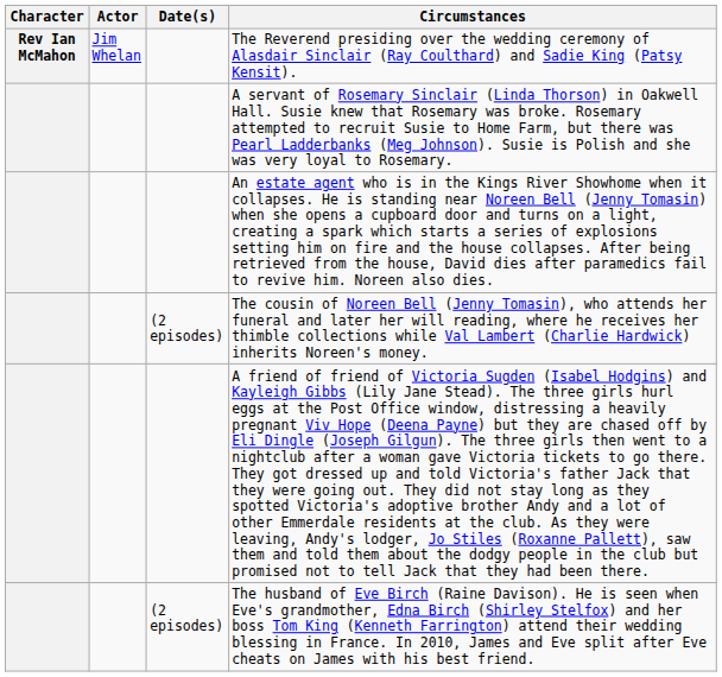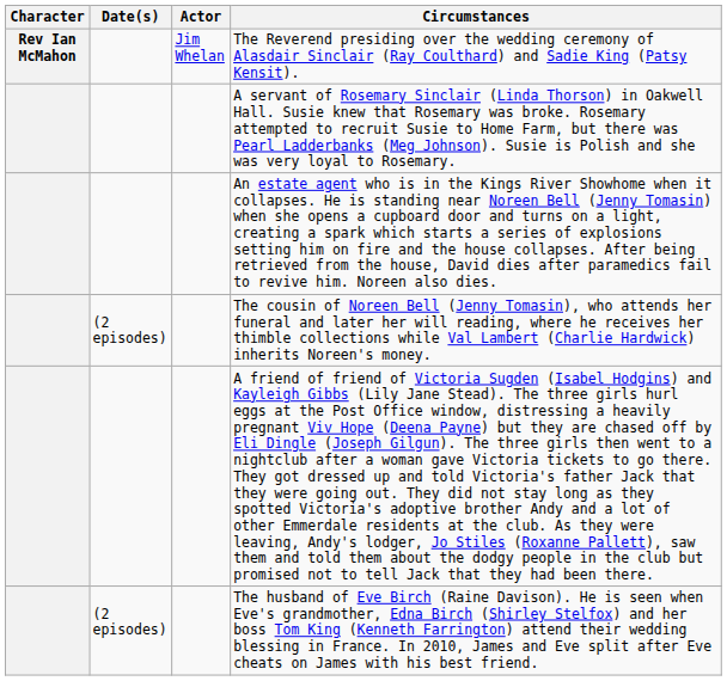 <table class="wikitable plainrowheaders" style="font-size:90%">
 <tr>
 <th scope="col">Character</th>
+<th scope="col">Date(s)</th>
 <th scope="col">Actor</th>
-<th scope="col">Date(s)</th>
 <th scope="col">Circumstances</th>
 </tr>
 <tr valign="top">
 <th scope="row">Rev Ian McMahon</th>
+<td></td>
 <td><a href='#'>Jim Whelan</a></td>
-<td></td>
 <td>The Reverend presiding over the wedding ceremony of <a href='#'>Alasdair Sinclair</a> (<a href='#'>Ray Coulthard</a>) and <a href='#'>Sadie King</a> (<a href='#'>Patsy Kensit</a>).</td>
 </tr>
 <tr valign="top">
 <th scope="row"></th>
 <td></td>
 <td></td>
 <td>A servant of <a href='#'>Rosemary Sinclair</a> (<a href='#'>Linda Thorson</a>) in Oakwell Hall. Susie knew that Rosemary was broke. Rosemary attempted to recruit Susie to Home Farm, but there was <a href='#'>Pearl Ladderbanks</a> (<a href='#'>Meg Johnson</a>). Susie is Polish and she was very loyal to Rosemary.</td>
 </tr>
 <tr valign="top">
 <th scope="row"></th>
 <td></td>
 <td></td>
 <td>An <a href='#'>estate agent</a> who is in the Kings River Showhome when it collapses. He is standing near <a href='#'>Noreen Bell</a> (<a href='#'>Jenny Tomasin</a>) when she opens a cupboard door and turns on a light, creating a spark which starts a series of explosions setting him on fire and the house collapses. After being retrieved from the house, David dies after paramedics fail to revive him. Noreen also dies.</td>
 </tr>
 <tr valign="top">
 <th scope="row"></th>
+<td><br>(2 episodes)</td>
 <td></td>
-<td><br>(2 episodes)</td>
 <td>The cousin of <a href='#'>Noreen Bell</a> (<a href='#'>Jenny Tomasin</a>), who attends her funeral and later her will reading, where he receives her thimble collections while <a href='#'>Val Lambert</a> (<a href='#'>Charlie Hardwick</a>) inherits Noreen's money.</td>
 </tr>
 <tr valign="top">
 <th scope="row"></th>
 <td></td>
 <td></td>
 <td>A friend of friend of <a href='#'>Victoria Sugden</a> (<a href='#'>Isabel Hodgins</a>) and <a href='#'>Kayleigh Gibbs</a> (Lily Jane Stead). The three girls hurl eggs at the Post Office window, distressing a heavily pregnant <a href='#'>Viv Hope</a> (<a href='#'>Deena Payne</a>) but they are chased off by <a href='#'>Eli Dingle</a> (<a href='#'>Joseph Gilgun</a>). The three girls then went to a nightclub after a woman gave Victoria tickets to go there. They got dressed up and told Victoria's father Jack that they were going out. They did not stay long as they spotted Victoria's adoptive brother Andy and a lot of other Emmerdale residents at the club. As they were leaving, Andy's lodger, <a href='#'>Jo Stiles</a> (<a href='#'>Roxanne Pallett</a>), saw them and told them about the dodgy people in the club but promised not to tell Jack that they had been there.</td>
 </tr>
 <tr valign="top">
 <th scope="row"></th>
+<td><br>(2 episodes)</td>
 <td></td>
-<td><br>(2 episodes)</td>
 <td> The husband of <a href='#'>Eve Birch</a> (Raine Davison). He is seen when Eve's grandmother, <a href='#'>Edna Birch</a> (<a href='#'>Shirley Stelfox</a>) and  her boss <a href='#'>Tom King</a> (<a href='#'>Kenneth Farrington</a>) attend their wedding blessing in France. In 2010, James and Eve split after Eve cheats on James with his best friend.</td>
 </tr>
 </table>
